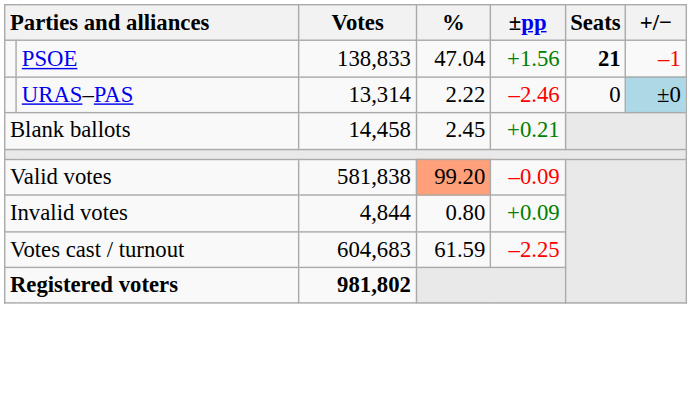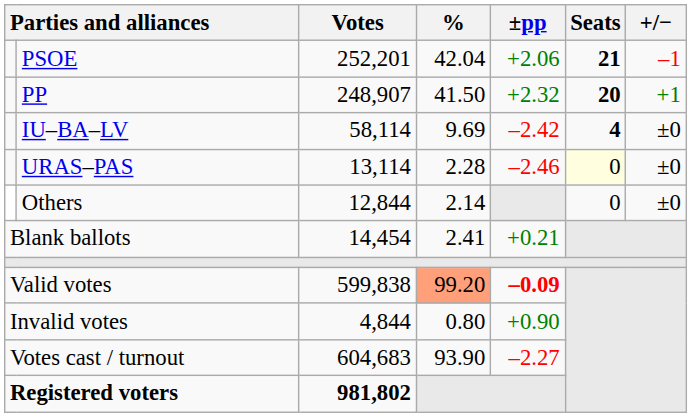 <table class="wikitable" style="text-align:right;">
 <tr>
 <th style="text-align:left;" colspan="2" width="200">Parties and alliances</th>
 <th width="75">Votes</th>
 <th width="45">%</th>
 <th width="45">±<a href='#'>pp</a></th>
 <th width="35">Seats</th>
 <th width="35">+/−</th>
 </tr>
 <tr>
 <td width="1" style="color:inherit;background:"></td>
 <td align="left"><a href='#'>PSOE</a></td>
-<td>138,833</td>
-<td>47.04</td>
-<td style="color:green;">+1.56</td>
+<td>252,201</td>
+<td>42.04</td>
+<td style="color:green;">+2.06</td>
 <td><strong>21</strong></td>
 <td style="color:red;">–1</td>
 </tr>
 <tr>
 <td style="color:inherit;background:"></td>
+<td align="left"><a href='#'>PP</a></td>
+<td>248,907</td>
+<td>41.50</td>
+<td style="color:green;">+2.32</td>
+<td><strong>20</strong></td>
+<td style="color:green;">+1</td>
+</tr>
+<tr>
+<td style="color:inherit;background:"></td>
+<td align="left"><a href='#'>IU</a>–<a href='#'>BA</a>–<a href='#'>LV</a></td>
+<td>58,114</td>
+<td>9.69</td>
+<td style="color:red;">–2.42</td>
+<td><strong>4</strong></td>
+<td>±0</td>
+</tr>
+<tr>
+<td style="color:inherit;background:"></td>
 <td align="left"><a href='#'>URAS</a>–<a href='#'>PAS</a></td>
-<td>13,314</td>
-<td>2.22</td>
+<td>13,114</td>
+<td>2.28</td>
 <td style="color:red;">–2.46</td>
+<td style="background: lightyellow;">0</td>
+<td>±0</td>
+</tr>
+<tr>
+<td bgcolor="white"></td>
+<td align="left">Others</td>
+<td>12,844</td>
+<td>2.14</td>
+<td bgcolor="#E9E9E9"></td>
 <td>0</td>
-<td style="background: lightblue;">±0</td>
+<td>±0</td>
 </tr>
 <tr>
 <td align="left" colspan="2">Blank ballots</td>
-<td>14,458</td>
-<td>2.45</td>
+<td>14,454</td>
+<td>2.41</td>
 <td style="color:green;">+0.21</td>
 <td bgcolor="#E9E9E9" colspan="2"></td>
 </tr>
 <tr>
 <td colspan="7" bgcolor="#E9E9E9"></td>
 </tr>
 <tr>
 <td align="left" colspan="2">Valid votes</td>
-<td>581,838</td>
+<td>599,838</td>
 <td style="background: lightsalmon;">99.20</td>
-<td style="color:red;">–0.09</td>
+<td style="color:red;"><strong>–0.09</strong></td>
 <td bgcolor="#E9E9E9" colspan="2" rowspan="4"></td>
 </tr>
 <tr>
 <td align="left" colspan="2">Invalid votes</td>
 <td>4,844</td>
 <td>0.80</td>
-<td style="color:green;">+0.09</td>
+<td style="color:green;">+0.90</td>
 </tr>
 <tr>
 <td align="left" colspan="2">Votes cast / turnout</td>
 <td>604,683</td>
-<td>61.59</td>
-<td style="color:red;">–2.25</td>
+<td>93.90</td>
+<td style="color:red;">–2.27</td>
 </tr>
 <tr style="font-weight:bold;">
 <td align="left" colspan="2">Registered voters</td>
 <td>981,802</td>
 <td bgcolor="#E9E9E9" colspan="2"></td>
 </tr>
 </table>
